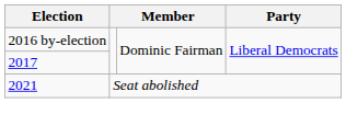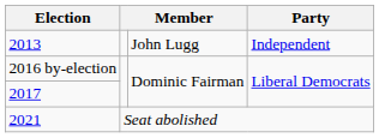 <table class="wikitable">
 <tr>
 <th>Election</th>
 <th colspan="2">Member</th>
 <th>Party</th>
+</tr>
+<tr>
+<td><a href='#'>2013</a></td>
+<td rowspan="1" style="background-color: "></td>
+<td rowspan="1">John Lugg</td>
+<td rowspan="1"><a href='#'>Independent</a></td>
 </tr>
 <tr>
 <td>2016 by-election</td>
 <td rowspan="2" style="background-color: "></td>
 <td rowspan="2">Dominic Fairman</td>
 <td rowspan="2"><a href='#'>Liberal Democrats</a></td>
 </tr>
 <tr>
 <td><a href='#'>2017</a></td>
 </tr>
 <tr>
 <td><a href='#'>2021</a></td>
 <td colspan="3"><em>Seat abolished</em></td>
 </tr>
 </table>
